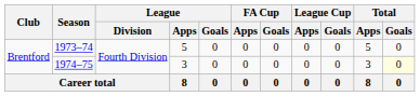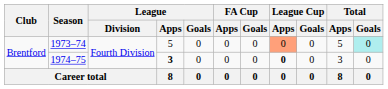 <table class="wikitable" style="text-align: center;">
 <tr>
 <th rowspan="2">Club</th>
 <th rowspan="2">Season</th>
 <th colspan="3">League</th>
 <th colspan="2">FA Cup</th>
 <th colspan="2">League Cup</th>
 <th colspan="2">Total</th>
 </tr>
 <tr>
 <th>Division</th>
 <th>Apps</th>
 <th>Goals</th>
 <th>Apps</th>
 <th>Goals</th>
 <th>Apps</th>
 <th>Goals</th>
 <th>Apps</th>
 <th>Goals</th>
 </tr>
 <tr>
 <td rowspan="2"><a href='#'>Brentford</a></td>
 <td><a href='#'>1973–74</a></td>
 <td rowspan="2"><a href='#'>Fourth Division</a></td>
 <td>5</td>
 <td>0</td>
 <td>0</td>
 <td>0</td>
-<td>0</td>
+<td style="background: lightsalmon;">0</td>
 <td>0</td>
 <td>5</td>
-<td>0</td>
+<td style="background: paleturquoise;">0</td>
 </tr>
 <tr>
 <td><a href='#'>1974–75</a></td>
-<td>3</td>
+<td><strong>3</strong></td>
 <td>0</td>
 <td>0</td>
 <td>0</td>
-<td>0</td>
+<td><strong>0</strong></td>
 <td>0</td>
 <td>3</td>
-<td style="background: lightyellow;">0</td>
+<td>0</td>
 </tr>
 <tr>
 <th colspan="3">Career total</th>
 <th>8</th>
 <th>0</th>
 <th>0</th>
 <th>0</th>
 <th>0</th>
 <th>0</th>
 <th>8</th>
 <th>0</th>
 </tr>
 </table>
